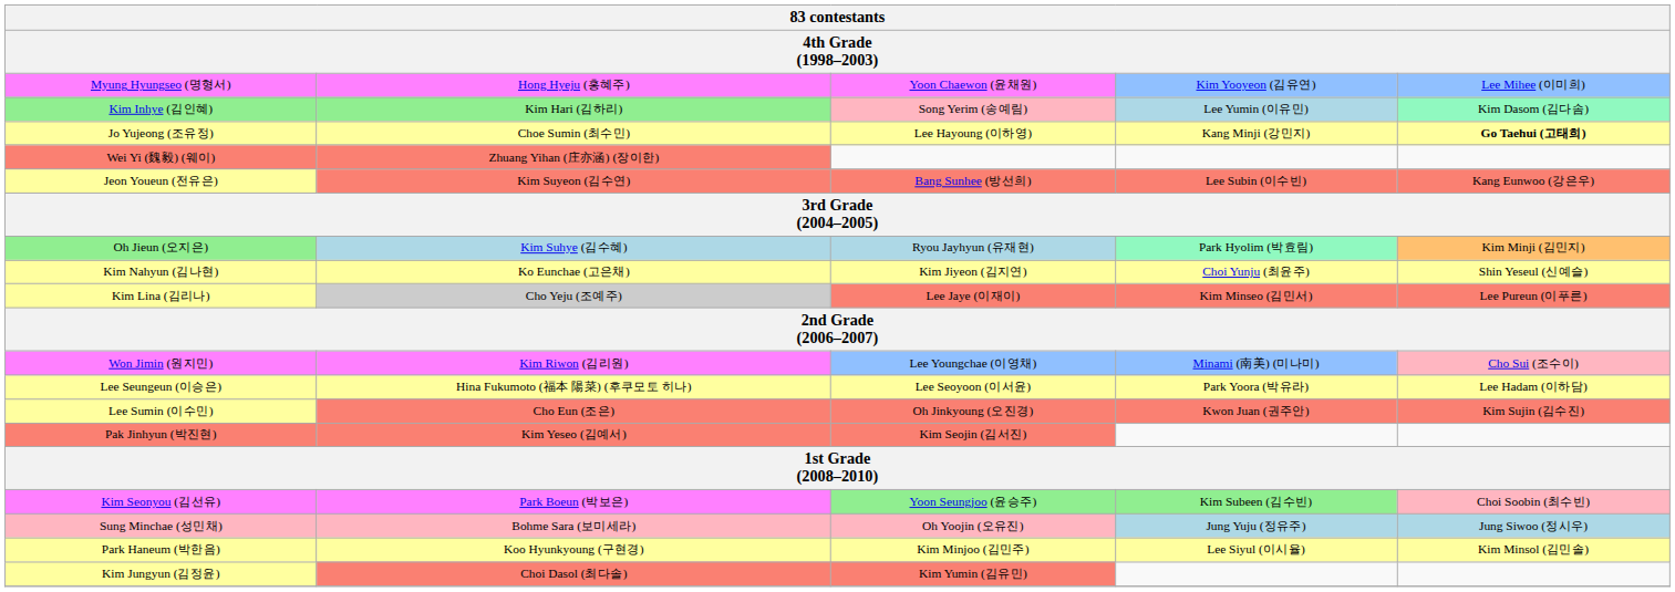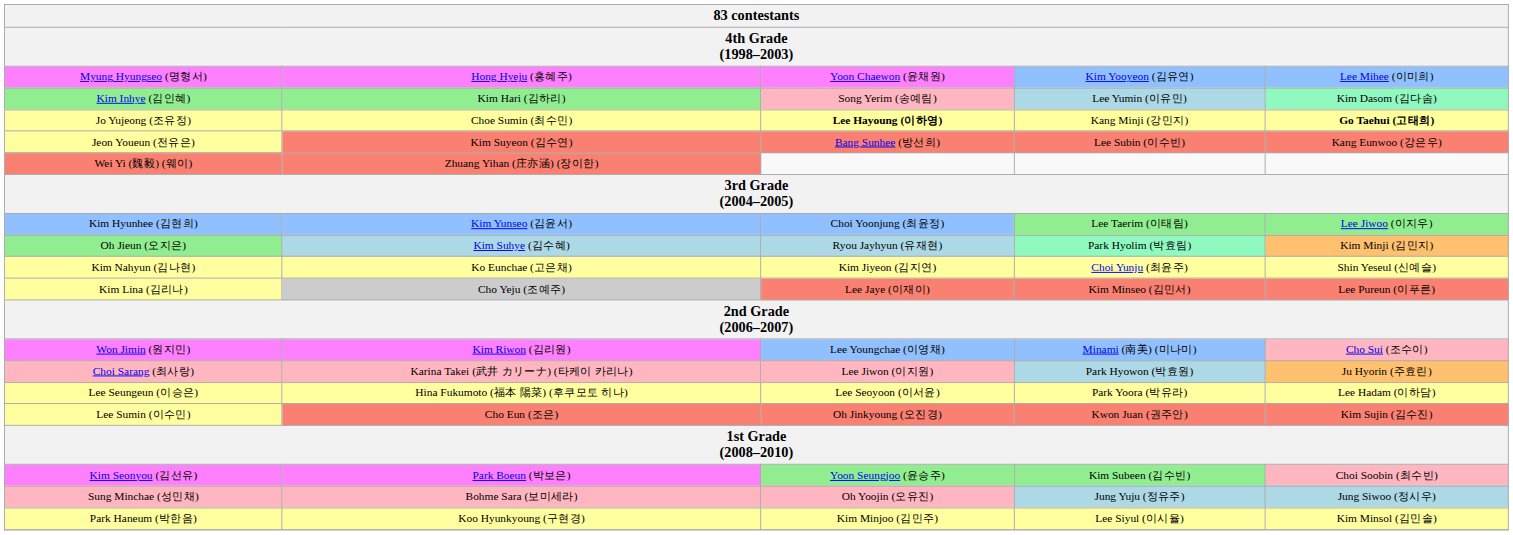 <table class="wikitable" style="text-align:center; width:100%; font-size: 75%">
 <tr>
 <th colspan="5" scope="col" style="width:100%; font-size: 125%;">83 contestants</th>
 </tr>
 <tr>
 <th colspan="5" scope="col" style="width:100%; font-size: 125%;">4th Grade  <br>(1998–2003)<br></th>
 </tr>
 <tr>
 <td style="background:#FF80FF"><a href='#'>Myung Hyungseo</a> (명형서)</td>
 <td style="background:#FF80FF"><a href='#'>Hong Hyeju</a> (홍혜주)</td>
 <td style="background:#FF80FF"><a href='#'>Yoon Chaewon</a> (윤채원)</td>
 <td style="background:#90C0FF"><a href='#'>Kim Yooyeon</a> (김유연)</td>
 <td style="background:#90C0FF"><a href='#'>Lee Mihee</a> (이미희)</td>
 </tr>
 <tr>
 <td style="background:#90EE90"><a href='#'>Kim Inhye</a> (김인혜)</td>
 <td style="background:#90EE90">Kim Hari (김하리)</td>
 <td style="background:#FFB6C1;">Song Yerim (송예림)</td>
 <td style="background:lightblue">Lee Yumin (이유민)</td>
 <td style="background:#90F9C0;">Kim Dasom (김다솜)</td>
 </tr>
 <tr>
 <td style="background:#ffff9f;">Jo Yujeong (조유정)</td>
 <td style="background:#ffff9f;">Choe Sumin (최수민)</td>
-<td style="background:#ffff9f;">Lee Hayoung (이하영)</td>
+<td style="background:#ffff9f;"><strong>Lee Hayoung (이하영)</strong></td>
 <td style="background:#ffff9f;">Kang Minji (강민지)</td>
 <td style="background:#ffff9f;"><strong>Go Taehui (고태희)</strong></td>
+</tr>
+<tr>
+<td style="background:#ffff9f;">Jeon Youeun (전유은)</td>
+<td style="background:#fa8072;">Kim Suyeon (김수연)</td>
+<td style="background:#fa8072;"><a href='#'>Bang Sunhee</a> (방선희)</td>
+<td style="background:#fa8072;">Lee Subin (이수빈)</td>
+<td style="background:#fa8072;">Kang Eunwoo (강은우)</td>
 </tr>
 <tr>
 <td style="background:#fa8072;">Wei Yi (魏毅) (웨이)</td>
 <td style="background:#fa8072;">Zhuang Yihan (庄亦涵) (장이한)</td>
 <td></td>
 <td></td>
 <td></td>
 </tr>
 <tr>
-<td style="background:#ffff9f;">Jeon Youeun (전유은)</td>
-<td style="background:#fa8072;">Kim Suyeon (김수연)</td>
-<td style="background:#fa8072;"><a href='#'>Bang Sunhee</a> (방선희)</td>
-<td style="background:#fa8072;">Lee Subin (이수빈)</td>
-<td style="background:#fa8072;">Kang Eunwoo (강은우)</td>
+<th colspan="5" scope="col" style="width:100%; font-size: 125%;">3rd Grade<br>(2004–2005)<br></th>
 </tr>
 <tr>
-<th colspan="5" scope="col" style="width:100%; font-size: 125%;">3rd Grade<br>(2004–2005)<br></th>
+<td style="background:#90C0FF">Kim Hyunhee (김현희)</td>
+<td style="background:#90C0FF"><a href='#'>Kim Yunseo</a> (김윤서)</td>
+<td style="background:#90C0FF">Choi Yoonjung (최윤정)</td>
+<td style="background:#90EE90">Lee Taerim (이태림)</td>
+<td style="background:#90EE90"><a href='#'>Lee Jiwoo</a> (이지우)</td>
 </tr>
 <tr>
 <td style="background:#90EE90">Oh Jieun (오지은)</td>
 <td style="background:lightblue"><a href='#'>Kim Suhye</a> (김수혜)</td>
 <td style="background:lightblue">Ryou Jayhyun (유재현)</td>
 <td style="background:#90F9C0;">Park Hyolim (박효림)</td>
 <td style="background:#ffc06f;">Kim Minji (김민지)</td>
 </tr>
 <tr>
 <td style="background:#ffff9f;">Kim Nahyun (김나현)</td>
 <td style="background:#ffff9f;">Ko Eunchae (고은채)</td>
 <td style="background:#ffff9f;">Kim Jiyeon (김지연)</td>
 <td style="background:#ffff9f;"><a href='#'>Choi Yunju</a> (최윤주)</td>
 <td style="background:#ffff9f;">Shin Yeseul (신예슬)</td>
 </tr>
 <tr>
 <td style="background:#ffff9f;">Kim Lina (김리나)</td>
 <td style="background:#cccccc;">Cho Yeju (조예주)</td>
 <td style="background:#fa8072;">Lee Jaye (이재이)</td>
 <td style="background:#fa8072;">Kim Minseo (김민서)</td>
 <td style="background:#fa8072;">Lee Pureun (이푸른)</td>
 </tr>
 <tr>
 <th colspan="5" scope="col" style="width:100%; font-size: 125%;">2nd Grade<br>(2006–2007)<br></th>
 </tr>
 <tr>
 <td style="background:#FF80FF"><a href='#'>Won Jimin</a> (원지민)</td>
 <td style="background:#FF80FF"><a href='#'>Kim Riwon</a> (김리원)</td>
 <td style="background:#90C0FF">Lee Youngchae (이영채)</td>
 <td style="background:#90C0FF"><a href='#'>Minami</a> (南美) (미나미)</td>
 <td style="background:#FFB6C1;"><a href='#'>Cho Sui</a> (조수이)</td>
 </tr>
 <tr>
+<td style="background:#FFB6C1;"><a href='#'>Choi Sarang</a> (최사랑)</td>
+<td style="background:#FFB6C1;">Karina Takei (武井 カリーナ) (타케이 카리나)</td>
+<td style="background:#FFB6C1;">Lee Jiwon (이지원)</td>
+<td style="background:lightblue">Park Hyowon (박효원)</td>
+<td style="background:#ffc06f;">Ju Hyorin (주효린)</td>
+</tr>
+<tr>
 <td style="background:#ffff9f;">Lee Seungeun (이승은)</td>
 <td style="background:#ffff9f;">Hina Fukumoto (福本 陽菜) (후쿠모토 히나)</td>
 <td style="background:#ffff9f;">Lee Seoyoon (이서윤)</td>
 <td style="background:#ffff9f;">Park Yoora (박유라)</td>
 <td style="background:#ffff9f;">Lee Hadam (이하담)</td>
 </tr>
 <tr>
 <td style="background:#ffff9f;">Lee Sumin (이수민)</td>
 <td style="background:#fa8072;">Cho Eun (조은)</td>
 <td style="background:#fa8072;">Oh Jinkyoung (오진경)</td>
 <td style="background:#fa8072;">Kwon Juan (권주안)</td>
 <td style="background:#fa8072;">Kim Sujin (김수진)</td>
-</tr>
-<tr>
-<td style="background:#fa8072;">Pak Jinhyun (박진현)</td>
-<td style="background:#fa8072;">Kim Yeseo (김예서)</td>
-<td style="background:#fa8072;">Kim Seojin (김서진)</td>
-<td></td>
-<td></td>
 </tr>
 <tr>
 <th colspan="5" scope="col" style="width:100%; font-size: 125%;">1st Grade<br>(2008–2010)<br></th>
 </tr>
 <tr>
 <td style="background:#FF80FF"><a href='#'>Kim Seonyou</a> (김선유)</td>
 <td style="background:#FF80FF"><a href='#'>Park Boeun</a> (박보은)</td>
 <td style="background:#90EE90"><a href='#'>Yoon Seungjoo</a> (윤승주)</td>
 <td style="background:#90EE90">Kim Subeen (김수빈)</td>
 <td style="background:#FFB6C1;">Choi Soobin (최수빈)</td>
 </tr>
 <tr>
 <td style="background:#FFB6C1;">Sung Minchae (성민채)</td>
 <td style="background:#FFB6C1;">Bohme Sara (보미세라)</td>
 <td style="background:#FFB6C1;">Oh Yoojin (오유진)</td>
 <td style="background:lightblue">Jung Yuju (정유주)</td>
 <td style="background:lightblue">Jung Siwoo (정시우)</td>
 </tr>
 <tr>
 <td style="background:#ffff9f;">Park Haneum (박한음)</td>
 <td style="background:#ffff9f;">Koo Hyunkyoung (구현경)</td>
 <td style="background:#ffff9f;">Kim Minjoo (김민주)</td>
 <td style="background:#ffff9f;">Lee Siyul (이시율)</td>
 <td style="background:#ffff9f;">Kim Minsol (김민솔)</td>
 </tr>
 <tr>
-<td style="background:#ffff9f;">Kim Jungyun (김정윤)</td>
-<td style="background:#fa8072;">Choi Dasol (최다솔)</td>
-<td style="background:#fa8072;">Kim Yumin (김유민)</td>
-<td></td>
-<td></td>
-</tr>
-<tr>
 </tr>
 </table>
